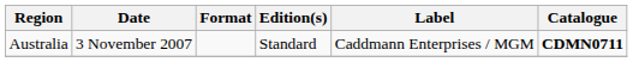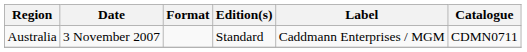 <table class="wikitable plainrowheaders">
 <tr>
 <th scope="col">Region</th>
 <th scope="col">Date</th>
 <th scope="col">Format</th>
 <th scope="col">Edition(s)</th>
 <th scope="col">Label</th>
 <th scope="col">Catalogue</th>
 </tr>
 <tr>
 <td>Australia</td>
 <td>3 November 2007</td>
 <td></td>
 <td>Standard</td>
 <td>Caddmann Enterprises / MGM</td>
-<td><strong>CDMN0711</strong></td>
+<td>CDMN0711</td>
 </tr>
 <tr>
 </tr>
 </table>
